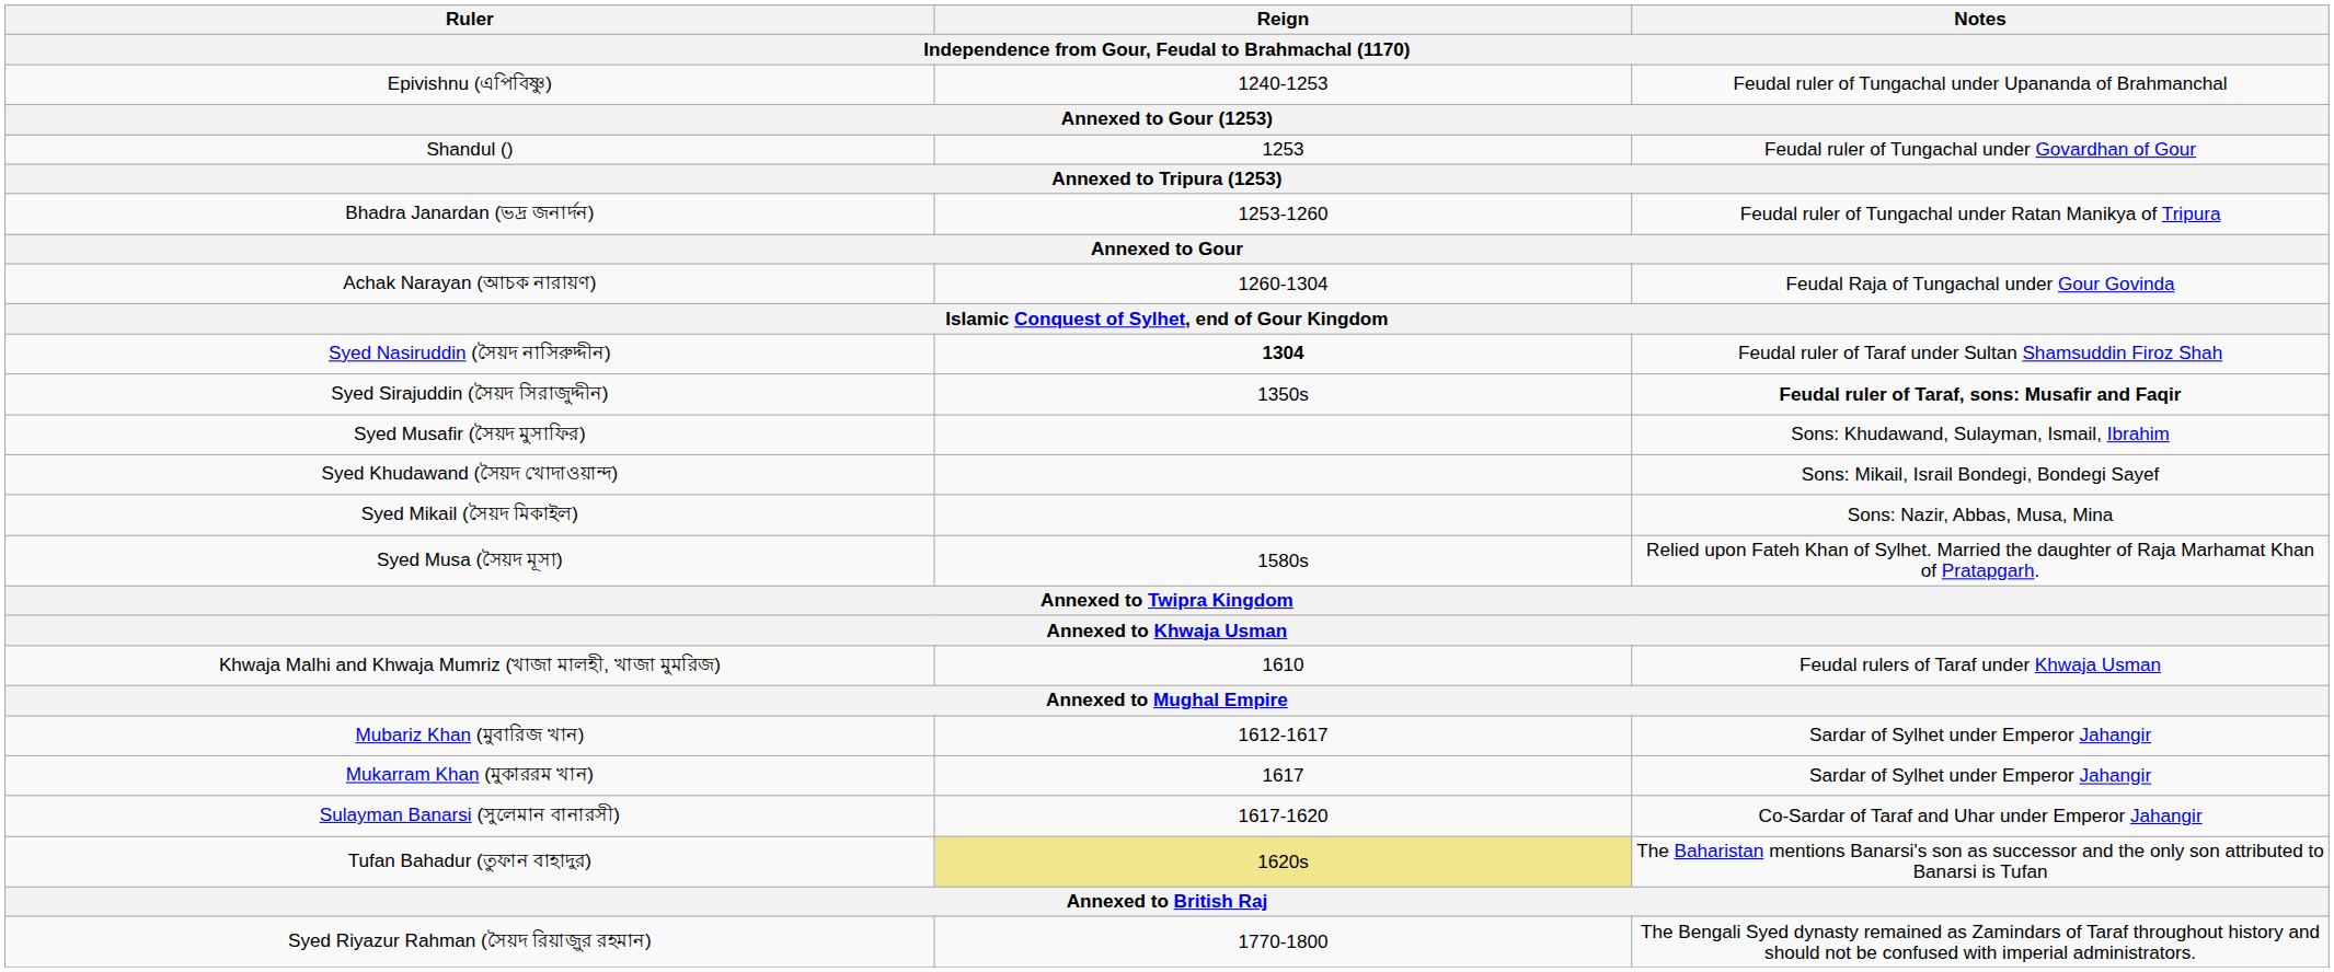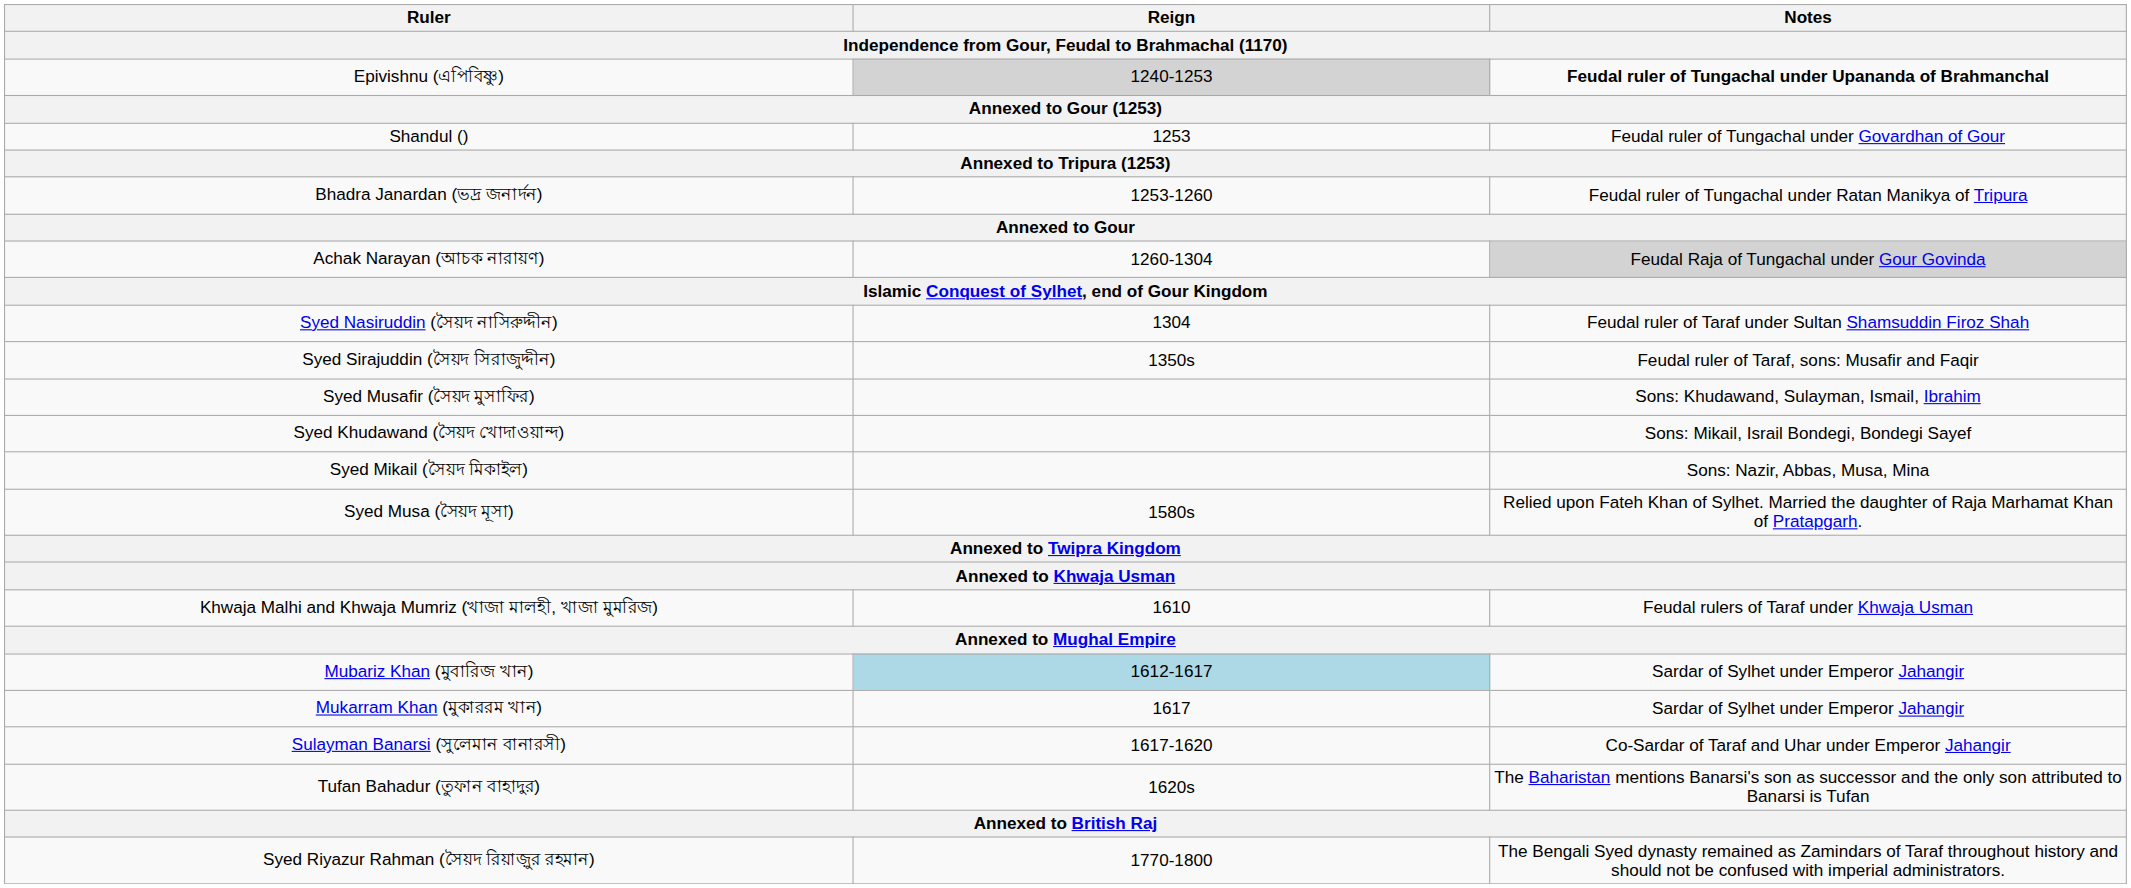 <table class="wikitable" style="width:100%; text-align:center;">
 <tr>
 <th style="width:12%;">Ruler</th>
 <th style="width:9%;">Reign</th>
 <th style="width:9%;">Notes</th>
 </tr>
 <tr>
 <th scope="row" colspan="3">Independence from Gour, Feudal to Brahmachal (1170)</th>
 </tr>
 <tr>
 <td>Epivishnu (এপিবিষ্ণু)</td>
-<td>1240-1253</td>
-<td>Feudal ruler of Tungachal under Upananda of Brahmanchal</td>
+<td style="background: lightgrey;">1240-1253</td>
+<td><strong>Feudal ruler of Tungachal under Upananda of Brahmanchal</strong></td>
 </tr>
 <tr>
 <th scope="row" colspan="3">Annexed to Gour (1253)</th>
 </tr>
 <tr>
 <td>Shandul ()</td>
 <td>1253</td>
 <td>Feudal ruler of Tungachal under <a href='#'>Govardhan of Gour</a></td>
 </tr>
 <tr>
 <th scope="row" colspan="3">Annexed to Tripura (1253)</th>
 </tr>
 <tr>
 <td>Bhadra Janardan (ভদ্র জনার্দন)</td>
 <td>1253-1260</td>
 <td>Feudal ruler of Tungachal under Ratan Manikya of <a href='#'>Tripura</a></td>
 </tr>
 <tr>
 <th scope="row" colspan="3">Annexed to Gour</th>
 </tr>
 <tr>
 <td>Achak Narayan (আচক নারায়ণ)</td>
 <td>1260-1304</td>
-<td>Feudal Raja of Tungachal under <a href='#'>Gour Govinda</a></td>
+<td style="background: lightgrey;">Feudal Raja of Tungachal under <a href='#'>Gour Govinda</a></td>
 </tr>
 <tr>
 <th scope="row" colspan="4">Islamic <a href='#'>Conquest of Sylhet</a>, end of Gour Kingdom</th>
 </tr>
 <tr>
 <td><a href='#'>Syed Nasiruddin</a> (সৈয়দ নাসিরুদ্দীন)</td>
-<td><strong>1304</strong></td>
+<td>1304</td>
 <td>Feudal ruler of Taraf under Sultan <a href='#'>Shamsuddin Firoz Shah</a></td>
 </tr>
 <tr>
 <td>Syed Sirajuddin (সৈয়দ সিরাজুদ্দীন)</td>
 <td>1350s</td>
-<td><strong>Feudal ruler of Taraf, sons: Musafir and Faqir</strong></td>
+<td>Feudal ruler of Taraf, sons: Musafir and Faqir</td>
 </tr>
 <tr>
 <td>Syed Musafir (সৈয়দ মুসাফির)</td>
 <td></td>
 <td>Sons: Khudawand, Sulayman, Ismail, <a href='#'>Ibrahim</a></td>
 </tr>
 <tr>
 <td>Syed Khudawand (সৈয়দ খোদাওয়ান্দ)</td>
 <td></td>
 <td>Sons: Mikail, Israil Bondegi, Bondegi Sayef</td>
 </tr>
 <tr>
 <td>Syed Mikail (সৈয়দ মিকাইল)</td>
 <td></td>
 <td>Sons: Nazir, Abbas, Musa, Mina</td>
 </tr>
 <tr>
 <td>Syed Musa (সৈয়দ মূসা)</td>
 <td>1580s</td>
 <td>Relied upon Fateh Khan of Sylhet. Married the daughter of Raja Marhamat Khan of <a href='#'>Pratapgarh</a>.</td>
 </tr>
 <tr>
 <th scope="row" colspan="4">Annexed to <a href='#'>Twipra Kingdom</a></th>
 </tr>
 <tr>
 <th scope="row" colspan="4">Annexed to <a href='#'>Khwaja Usman</a></th>
 </tr>
 <tr>
 <td>Khwaja Malhi and Khwaja Mumriz (খাজা মালহী, খাজা মুমরিজ)</td>
 <td>1610</td>
 <td>Feudal rulers of Taraf under <a href='#'>Khwaja Usman</a></td>
 </tr>
 <tr>
 <th scope="row" colspan="4">Annexed to <a href='#'>Mughal Empire</a></th>
 </tr>
 <tr>
 <td><a href='#'>Mubariz Khan</a> (মুবারিজ খান)</td>
-<td>1612-1617</td>
+<td style="background: lightblue;">1612-1617</td>
 <td>Sardar of Sylhet under Emperor <a href='#'>Jahangir</a></td>
 </tr>
 <tr>
 <td><a href='#'>Mukarram Khan</a> (মুকাররম খান)</td>
 <td>1617</td>
 <td>Sardar of Sylhet under Emperor <a href='#'>Jahangir</a></td>
 </tr>
 <tr>
 <td><a href='#'>Sulayman Banarsi</a> (সুলেমান বানারসী)</td>
 <td>1617-1620</td>
 <td>Co-Sardar of Taraf and Uhar under Emperor <a href='#'>Jahangir</a></td>
 </tr>
 <tr>
 <td>Tufan Bahadur (তুফান বাহাদুর)</td>
-<td style="background: khaki;">1620s</td>
+<td>1620s</td>
 <td>The <a href='#'>Baharistan</a> mentions Banarsi's son as successor and the only son attributed to Banarsi is Tufan</td>
 </tr>
 <tr>
 <th scope="row" colspan="4">Annexed to <a href='#'>British Raj</a></th>
 </tr>
 <tr>
 <td>Syed Riyazur Rahman (সৈয়দ রিয়াজ়ুর রহমান)</td>
 <td>1770-1800</td>
 <td>The Bengali Syed dynasty remained as Zamindars of Taraf throughout history and should not be confused with imperial administrators.</td>
 </tr>
 <tr>
 </tr>
 </table>
